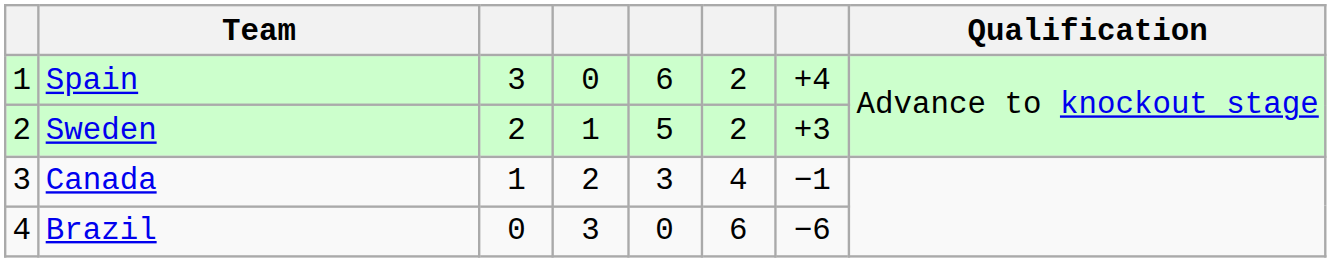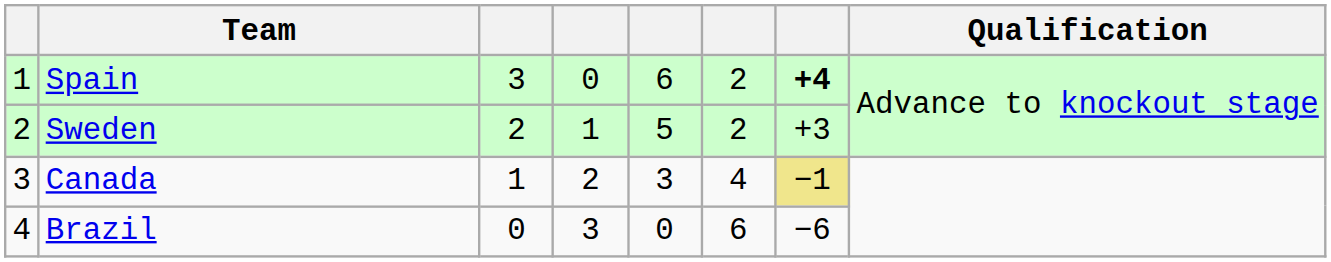 <table class=wikitable style="text-align:center;">
 <tr>
 <th></th>
 <th style="width:180px;">Team</th>
 <th style="width:25px;"></th>
 <th style="width:25px;"></th>
 <th style="width:25px;"></th>
 <th style="width:25px;"></th>
 <th style="width:25px;"></th>
 <th>Qualification</th>
 </tr>
 <tr style="background:#cfc;">
 <td>1</td>
 <td align=left> <a href='#'>Spain</a></td>
 <td>3</td>
 <td>0</td>
 <td>6</td>
 <td>2</td>
-<td>+4</td>
+<td><strong>+4</strong></td>
 <td rowspan=2>Advance to <a href='#'>knockout stage</a></td>
 </tr>
 <tr style="background:#cfc;">
 <td>2</td>
 <td align=left> <a href='#'>Sweden</a></td>
 <td>2</td>
 <td>1</td>
 <td>5</td>
 <td>2</td>
 <td>+3</td>
 </tr>
 <tr>
 <td>3</td>
 <td align=left> <a href='#'>Canada</a></td>
 <td>1</td>
 <td>2</td>
 <td>3</td>
 <td>4</td>
-<td>−1</td>
+<td style="background: khaki;">−1</td>
 <td rowspan=2></td>
 </tr>
 <tr>
 <td>4</td>
 <td align=left> <a href='#'>Brazil</a></td>
 <td>0</td>
 <td>3</td>
 <td>0</td>
 <td>6</td>
 <td>−6</td>
 </tr>
 </table>
